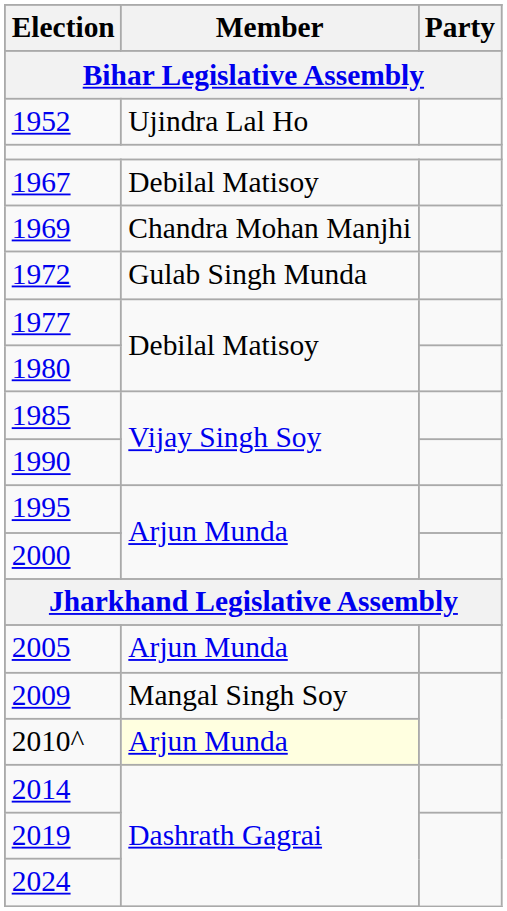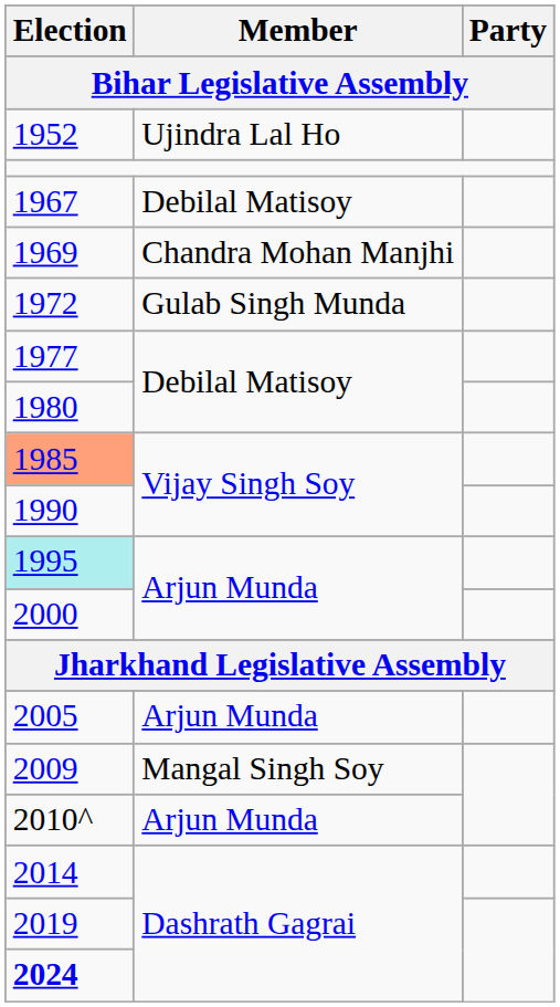 <table class="wikitable sortable">
 <tr>
 <th>Election</th>
 <th>Member</th>
 <th colspan=2>Party</th>
 </tr>
 <tr>
 <th colspan=4><a href='#'>Bihar Legislative Assembly</a></th>
 </tr>
 <tr>
 <td><a href='#'>1952</a></td>
 <td>Ujindra Lal Ho</td>
 <td></td>
 </tr>
 <tr>
 <td colspan="4"></td>
 </tr>
 <tr>
 <td><a href='#'>1967</a></td>
 <td>Debilal Matisoy</td>
 <td></td>
 </tr>
 <tr>
 <td><a href='#'>1969</a></td>
 <td>Chandra Mohan Manjhi</td>
 <td></td>
 </tr>
 <tr>
 <td><a href='#'>1972</a></td>
 <td>Gulab Singh Munda</td>
 <td></td>
 </tr>
 <tr>
 <td><a href='#'>1977</a></td>
 <td rowspan="2">Debilal Matisoy</td>
 <td></td>
 </tr>
 <tr>
 <td><a href='#'>1980</a></td>
 <td></td>
 </tr>
 <tr>
-<td><a href='#'>1985</a></td>
+<td style="background: lightsalmon;"><a href='#'>1985</a></td>
 <td rowspan="2"><a href='#'>Vijay Singh Soy</a></td>
 <td></td>
 </tr>
 <tr>
 <td><a href='#'>1990</a></td>
 <td></td>
 </tr>
 <tr>
-<td><a href='#'>1995</a></td>
+<td style="background: paleturquoise;"><a href='#'>1995</a></td>
 <td rowspan="2"><a href='#'>Arjun Munda</a></td>
 <td></td>
 </tr>
 <tr>
 <td><a href='#'>2000</a></td>
 <td></td>
 </tr>
 <tr>
 <th colspan=4><a href='#'>Jharkhand Legislative Assembly</a></th>
 </tr>
 <tr>
 <td><a href='#'>2005</a></td>
 <td><a href='#'>Arjun Munda</a></td>
 <td></td>
 </tr>
 <tr>
 <td><a href='#'>2009</a></td>
 <td>Mangal Singh Soy</td>
 </tr>
 <tr>
 <td>2010^</td>
-<td style="background: lightyellow;"><a href='#'>Arjun Munda</a></td>
+<td><a href='#'>Arjun Munda</a></td>
 </tr>
 <tr>
 <td><a href='#'>2014</a></td>
 <td rowspan="3"><a href='#'>Dashrath Gagrai</a></td>
 <td></td>
 </tr>
 <tr>
 <td><a href='#'>2019</a></td>
 </tr>
 <tr>
-<td><a href='#'>2024</a></td>
+<td><strong><a href='#'>2024</a></strong></td>
 </tr>
 <tr>
 </tr>
 </table>
